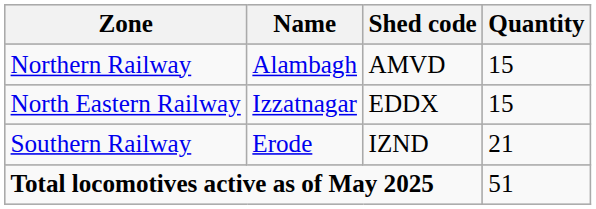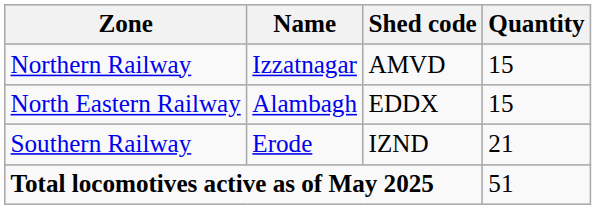 <table class="wikitable">
 <tr>
 <th>Zone</th>
 <th>Name</th>
 <th>Shed code</th>
 <th>Quantity</th>
 </tr>
 <tr>
 <td rowspan="1"><a href='#'>Northern Railway</a></td>
-<td><a href='#'>Alambagh</a></td>
+<td><a href='#'>Izzatnagar</a></td>
 <td>AMVD</td>
 <td>15</td>
 </tr>
 <tr>
 <td rowspan="1"><a href='#'>North Eastern Railway</a></td>
-<td><a href='#'>Izzatnagar</a></td>
+<td><a href='#'>Alambagh</a></td>
 <td>EDDX</td>
 <td>15</td>
 </tr>
 <tr>
 <td><a href='#'>Southern Railway</a></td>
 <td><a href='#'>Erode</a></td>
 <td>IZND</td>
 <td>21</td>
 </tr>
 <tr>
 <td colspan="3"><strong>Total locomotives active as of May 2025</strong></td>
 <td>51</td>
 </tr>
 </table>
